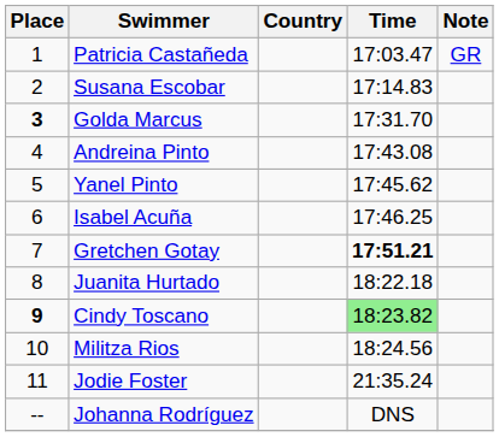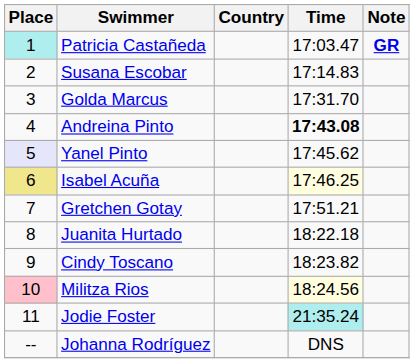 <table class="wikitable" style="text-align:center">
 <tr>
 <th>Place</th>
 <th>Swimmer</th>
 <th>Country</th>
 <th>Time</th>
 <th>Note</th>
 </tr>
 <tr>
-<td>1</td>
+<td style="background: paleturquoise;">1</td>
 <td align=left><a href='#'>Patricia Castañeda</a></td>
 <td align=left></td>
 <td>17:03.47</td>
-<td><a href='#'>GR</a></td>
+<td><strong><a href='#'>GR</a></strong></td>
 </tr>
 <tr>
 <td>2</td>
 <td align=left><a href='#'>Susana Escobar</a></td>
 <td align=left></td>
 <td>17:14.83</td>
 <td></td>
 </tr>
 <tr>
-<td><strong>3</strong></td>
+<td>3</td>
 <td align=left><a href='#'>Golda Marcus</a></td>
 <td align=left></td>
 <td>17:31.70</td>
 <td></td>
 </tr>
 <tr>
 <td>4</td>
 <td align=left><a href='#'>Andreina Pinto</a></td>
 <td align=left></td>
-<td>17:43.08</td>
+<td><strong>17:43.08</strong></td>
 <td></td>
 </tr>
 <tr>
-<td>5</td>
+<td style="background: lavender;">5</td>
 <td align=left><a href='#'>Yanel Pinto</a></td>
 <td align=left></td>
 <td>17:45.62</td>
 <td></td>
 </tr>
 <tr>
-<td>6</td>
+<td style="background: khaki;">6</td>
 <td align=left><a href='#'>Isabel Acuña</a></td>
 <td align=left></td>
-<td>17:46.25</td>
+<td style="background: lightyellow;">17:46.25</td>
 <td></td>
 </tr>
 <tr>
 <td>7</td>
 <td align=left><a href='#'>Gretchen Gotay</a></td>
 <td align=left></td>
-<td><strong>17:51.21</strong></td>
+<td>17:51.21</td>
 <td></td>
 </tr>
 <tr>
 <td>8</td>
 <td align=left><a href='#'>Juanita Hurtado</a></td>
 <td align=left></td>
 <td>18:22.18</td>
 <td></td>
 </tr>
 <tr>
-<td><strong>9</strong></td>
+<td>9</td>
 <td align=left><a href='#'>Cindy Toscano</a></td>
 <td align=left></td>
-<td style="background: lightgreen;">18:23.82</td>
+<td>18:23.82</td>
 <td></td>
 </tr>
 <tr>
-<td>10</td>
+<td style="background: pink;">10</td>
 <td align=left><a href='#'>Militza Rios</a></td>
 <td align=left></td>
-<td>18:24.56</td>
+<td style="background: lightyellow;">18:24.56</td>
 <td></td>
 </tr>
 <tr>
 <td>11</td>
 <td align=left><a href='#'>Jodie Foster</a></td>
 <td align=left></td>
-<td>21:35.24</td>
+<td style="background: paleturquoise;">21:35.24</td>
 <td></td>
 </tr>
 <tr>
 <td>--</td>
 <td align=left><a href='#'>Johanna Rodríguez</a></td>
 <td align=left></td>
 <td>DNS</td>
 <td></td>
 </tr>
 <tr>
 </tr>
 </table>
